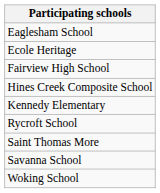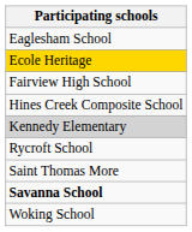 <table class="wikitable" align=right>
 <tr>
 <th>Participating schools</th>
 </tr>
 <tr>
 <td>Eaglesham School</td>
 </tr>
 <tr>
-<td>Ecole Heritage</td>
+<td style="background: gold;">Ecole Heritage</td>
 </tr>
 <tr>
 <td>Fairview High School</td>
 </tr>
 <tr>
 <td>Hines Creek Composite School</td>
 </tr>
 <tr>
-<td>Kennedy Elementary</td>
+<td style="background: lightgrey;">Kennedy Elementary</td>
 </tr>
 <tr>
 <td>Rycroft School</td>
 </tr>
 <tr>
 <td>Saint Thomas More</td>
 </tr>
 <tr>
-<td>Savanna School</td>
+<td><strong>Savanna School</strong></td>
 </tr>
 <tr>
 <td>Woking School</td>
 </tr>
 </table>
